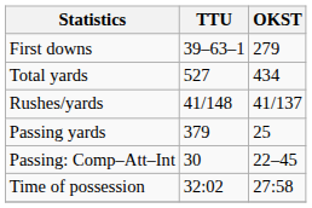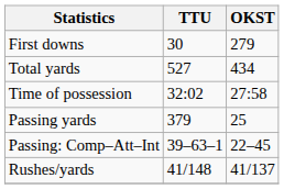 <table class="wikitable" style="float: left;">
 <tr>
 <th>Statistics</th>
 <th>TTU</th>
 <th>OKST</th>
 </tr>
 <tr>
 <td>First downs</td>
-<td>39–63–1</td>
+<td>30</td>
 <td>279</td>
 </tr>
 <tr>
 <td>Total yards</td>
 <td>527</td>
 <td>434</td>
 </tr>
 <tr>
-<td>Rushes/yards</td>
-<td>41/148</td>
-<td>41/137</td>
+<td>Time of possession</td>
+<td>32:02</td>
+<td>27:58</td>
 </tr>
 <tr>
 <td>Passing yards</td>
 <td>379</td>
 <td>25</td>
 </tr>
 <tr>
 <td>Passing: Comp–Att–Int</td>
-<td>30</td>
+<td>39–63–1</td>
 <td>22–45</td>
 </tr>
 <tr>
-<td>Time of possession</td>
-<td>32:02</td>
-<td>27:58</td>
+<td>Rushes/yards</td>
+<td>41/148</td>
+<td>41/137</td>
 </tr>
 <tr>
 </tr>
 </table>
